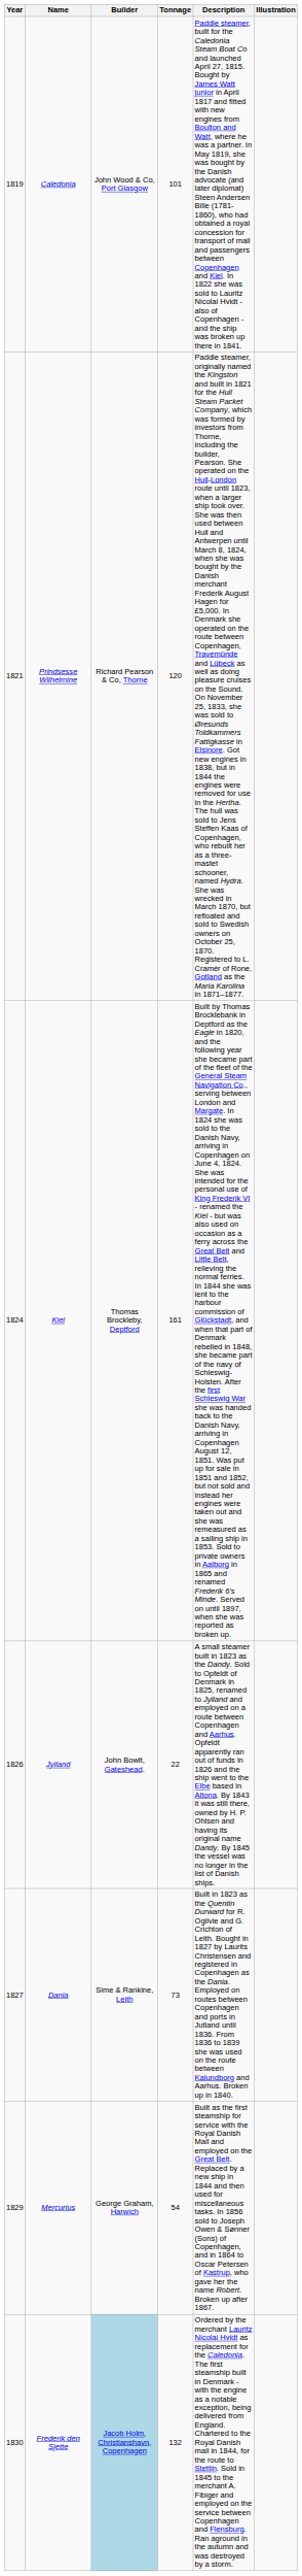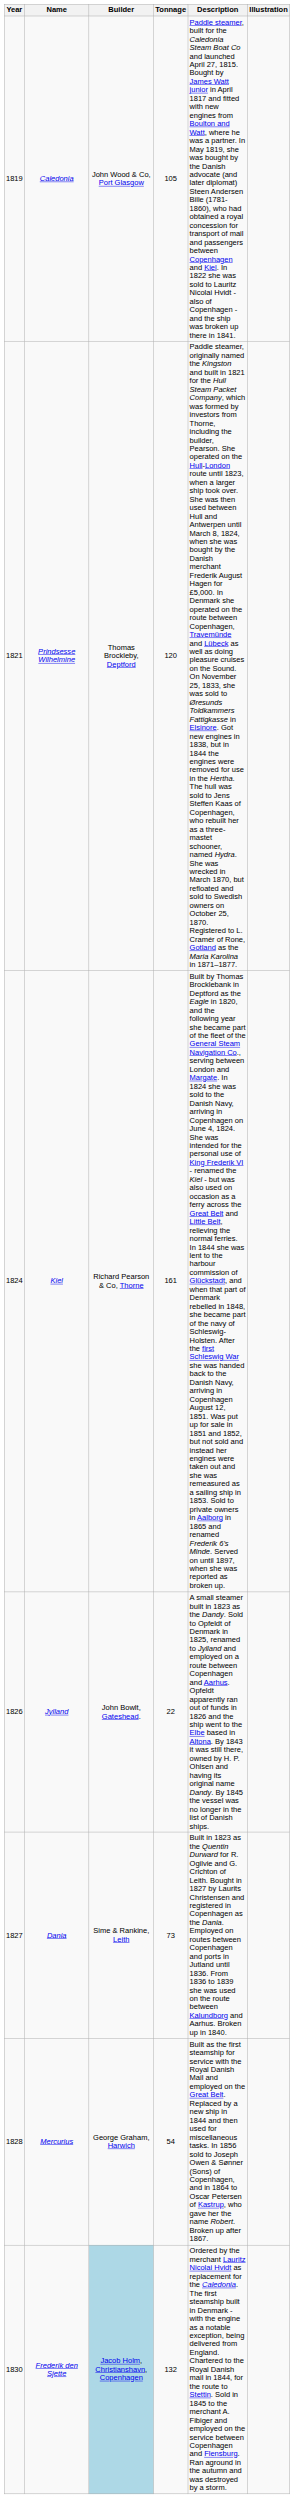 <table class="wikitable" style="text-align:center">
 <tr>
 <th>Year</th>
 <th style="width:130px">Name</th>
 <th style="width:130px">Builder</th>
 <th>Tonnage</th>
 <th>Description</th>
 <th>Illustration</th>
 </tr>
 <tr>
 <td>1819</td>
 <td><a href='#'><em>Caledonia</em></a></td>
 <td>John Wood & Co, <a href='#'>Port Glasgow</a></td>
-<td>101</td>
+<td>105</td>
 <td Align="left"><a href='#'>Paddle steamer</a>, built for the <em>Caledonia Steam Boat Co</em> and launched April 27, 1815. Bought by <a href='#'>James Watt junior</a> in April 1817 and fitted with new engines from <a href='#'>Boulton and Watt</a>, where he was a partner. In May 1819, she was bought by the Danish advocate (and later diplomat) Steen Andersen Bille (1781-1860), who had obtained a royal concession for transport of mail and passengers between <a href='#'>Copenhagen</a> and <a href='#'>Kiel</a>. In 1822 she was sold to Lauritz Nicolai Hvidt - also of Copenhagen - and the ship was broken up there in 1841.</td>
 <td></td>
 </tr>
 <tr>
 <td>1821</td>
 <td><a href='#'><em>Prindsesse Wilhelmine</em></a></td>
-<td>Richard Pearson & Co, <a href='#'>Thorne</a></td>
+<td>Thomas Brockleby, <a href='#'>Deptford</a></td>
 <td>120</td>
 <td Align="left">Paddle steamer, originally named the <em>Kingston</em> and built in 1821 for the <em>Hull Steam Packet Company</em>, which was formed by investors from Thorne, including the builder, Pearson. She operated on the <a href='#'>Hull</a>-<a href='#'>London</a> route until 1823, when a larger ship took over. She was then used between Hull and Antwerpen until March 8, 1824, when she was bought by the Danish merchant Frederik August Hagen for £5,000. In Denmark she operated on the route between Copenhagen, <a href='#'>Travemünde</a> and <a href='#'>Lübeck</a> as well as doing pleasure cruises on the Sound. On November 25, 1833, she was sold to <em>Øresunds Toldkammers Fattigkasse</em> in <a href='#'>Elsinore</a>. Got new engines in 1838, but in 1844 the engines were removed for use in the <em>Hertha</em>. The hull was sold to Jens Steffen Kaas of Copenhagen, who rebuilt her as a three-mastet schooner, named <em>Hydra</em>. She was wrecked in March 1870, but refloated and sold to Swedish owners on October 25, 1870. Registered to L. Cramér of Rone, <a href='#'>Gotland</a> as the <em>Maria Karolina</em> in 1871–1877.</td>
 <td></td>
 </tr>
 <tr>
 <td>1824</td>
 <td><a href='#'><em>Kiel</em></a></td>
-<td>Thomas Brockleby, <a href='#'>Deptford</a></td>
+<td>Richard Pearson & Co, <a href='#'>Thorne</a></td>
 <td>161</td>
 <td Align="left">Built by Thomas Brocklebank in Deptford as the <em>Eagle</em> in 1820, and the following year she became part of the fleet of the <a href='#'>General Steam Navigation Co</a>., serving between London and <a href='#'>Margate</a>. In 1824 she was sold to the Danish Navy, arriving in Copenhagen on June 4, 1824. She was intended for the personal use of <a href='#'>King Frederik VI</a> - renamed the <em>Kiel</em> - but was also used on occasion as a ferry across the <a href='#'>Great Belt</a> and <a href='#'>Little Belt</a>, relieving the normal ferries. In 1844 she was lent to the harbour commission of <a href='#'>Glückstadt</a>, and when that part of Denmark rebelled in 1848, she became part of the navy of Schleswig-Holsten. After the <a href='#'>first Schleswig War</a> she was handed back to the Danish Navy, arriving in Copenhagen August 12, 1851. Was put up for sale in 1851 and 1852, but not sold and instead her engines were taken out and she was remeasured as a sailing ship in 1853. Sold to private owners in <a href='#'>Aalborg</a> in 1865 and renamed <em>Frederik 6's Minde</em>. Served on until 1897, when she was reported as broken up.</td>
 <td></td>
 </tr>
 <tr>
 <td>1826</td>
 <td><a href='#'><em>Jylland</em></a></td>
 <td>John Bowlt, <a href='#'>Gateshead</a>.</td>
 <td>22</td>
 <td Align="left">A small steamer built in 1823 as the <em>Dandy</em>. Sold to Opfeldt of Denmark in 1825, renamed to <em>Jylland</em> and employed on a route between Copenhagen and <a href='#'>Aarhus</a>. Opfeldt apparently ran out of funds in 1826 and the ship went to the <a href='#'>Elbe</a> based in <a href='#'>Altona</a>. By 1843 it was still there, owned by H. P. Ohlsen and having its original name <em>Dandy</em>. By 1845 the vessel was no longer in the list of Danish ships.</td>
 <td></td>
 </tr>
 <tr>
 <td>1827</td>
 <td><a href='#'><em>Dania</em></a></td>
 <td>Sime & Rankine, <a href='#'>Leith</a></td>
 <td>73</td>
 <td Align="left">Built in 1823 as the <em>Quentin Durward</em> for R. Ogilvie and G. Crichton of Leith. Bought in 1827 by Laurits Christensen and registered in Copenhagen as the <em>Dania</em>. Employed on routes between Copenhagen and ports in Jutland until 1836. From 1836 to 1839 she was used on the route between <a href='#'>Kalundborg</a> and Aarhus. Broken up in 1840.</td>
 <td></td>
 </tr>
 <tr>
-<td>1829</td>
+<td>1828</td>
 <td><a href='#'><em>Mercurius</em></a></td>
 <td>George Graham, <a href='#'>Harwich</a></td>
 <td>54</td>
 <td Align="left">Built as the first steamship for service with the Royal Danish Mail and employed on the <a href='#'>Great Belt</a>. Replaced by a new ship in 1844 and then used for miscellaneous tasks. In 1856 sold to Joseph Owen & Sønner (Sons) of Copenhagen, and in 1864 to Oscar Petersen of <a href='#'>Kastrup</a>, who gave her the name <em>Robert</em>. Broken up after 1867.</td>
 <td></td>
 </tr>
 <tr>
 <td>1830</td>
 <td><em><a href='#'>Frederik den Sjette</a></em></td>
 <td style="background: lightblue;"><a href='#'>Jacob Holm</a>, <a href='#'>Christianshavn</a>, <a href='#'>Copenhagen</a></td>
 <td>132</td>
 <td Align="left">Ordered by the merchant <a href='#'>Lauritz Nicolai Hvidt</a> as replacement for the <em><a href='#'>Caledonia</a></em>. The first steamship built in Denmark - with the engine as a notable exception, being delivered from England. Chartered to the Royal Danish mail in 1844, for the route to <a href='#'>Stettin</a>. Sold in 1845 to the merchant A. Fibiger and employed on the service between Copenhagen and <a href='#'>Flensburg</a>. Ran aground in the autumn and was destroyed by a storm.</td>
 <td></td>
 </tr>
 </table>
